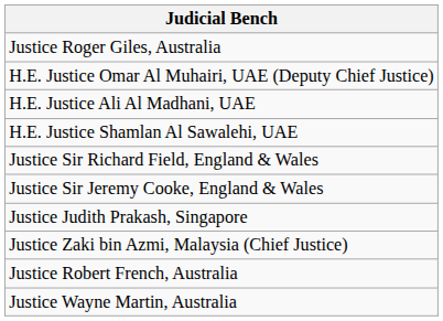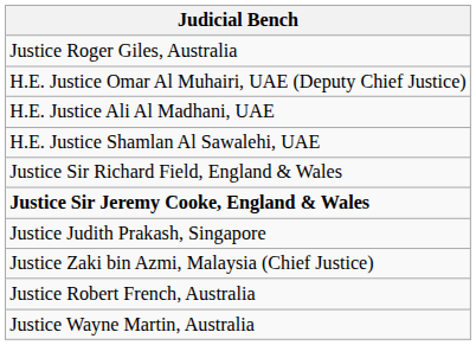 <table class="wikitable">
 <tr>
 <th>Judicial Bench</th>
 </tr>
 <tr>
 <td>Justice Roger Giles, Australia</td>
 </tr>
 <tr>
 <td>H.E. Justice Omar Al Muhairi, UAE (Deputy Chief Justice)</td>
 </tr>
 <tr>
 <td>H.E. Justice Ali Al Madhani, UAE</td>
 </tr>
 <tr>
 <td>H.E. Justice Shamlan Al Sawalehi, UAE</td>
 </tr>
 <tr>
 <td>Justice Sir Richard Field, England & Wales</td>
 </tr>
 <tr>
-<td>Justice Sir Jeremy Cooke, England & Wales</td>
+<td><strong>Justice Sir Jeremy Cooke, England & Wales</strong></td>
 </tr>
 <tr>
 <td>Justice Judith Prakash, Singapore</td>
 </tr>
 <tr>
 <td>Justice Zaki bin Azmi, Malaysia (Chief Justice)</td>
 </tr>
 <tr>
 <td>Justice Robert French, Australia</td>
 </tr>
 <tr>
 <td>Justice Wayne Martin, Australia</td>
 </tr>
 </table>
